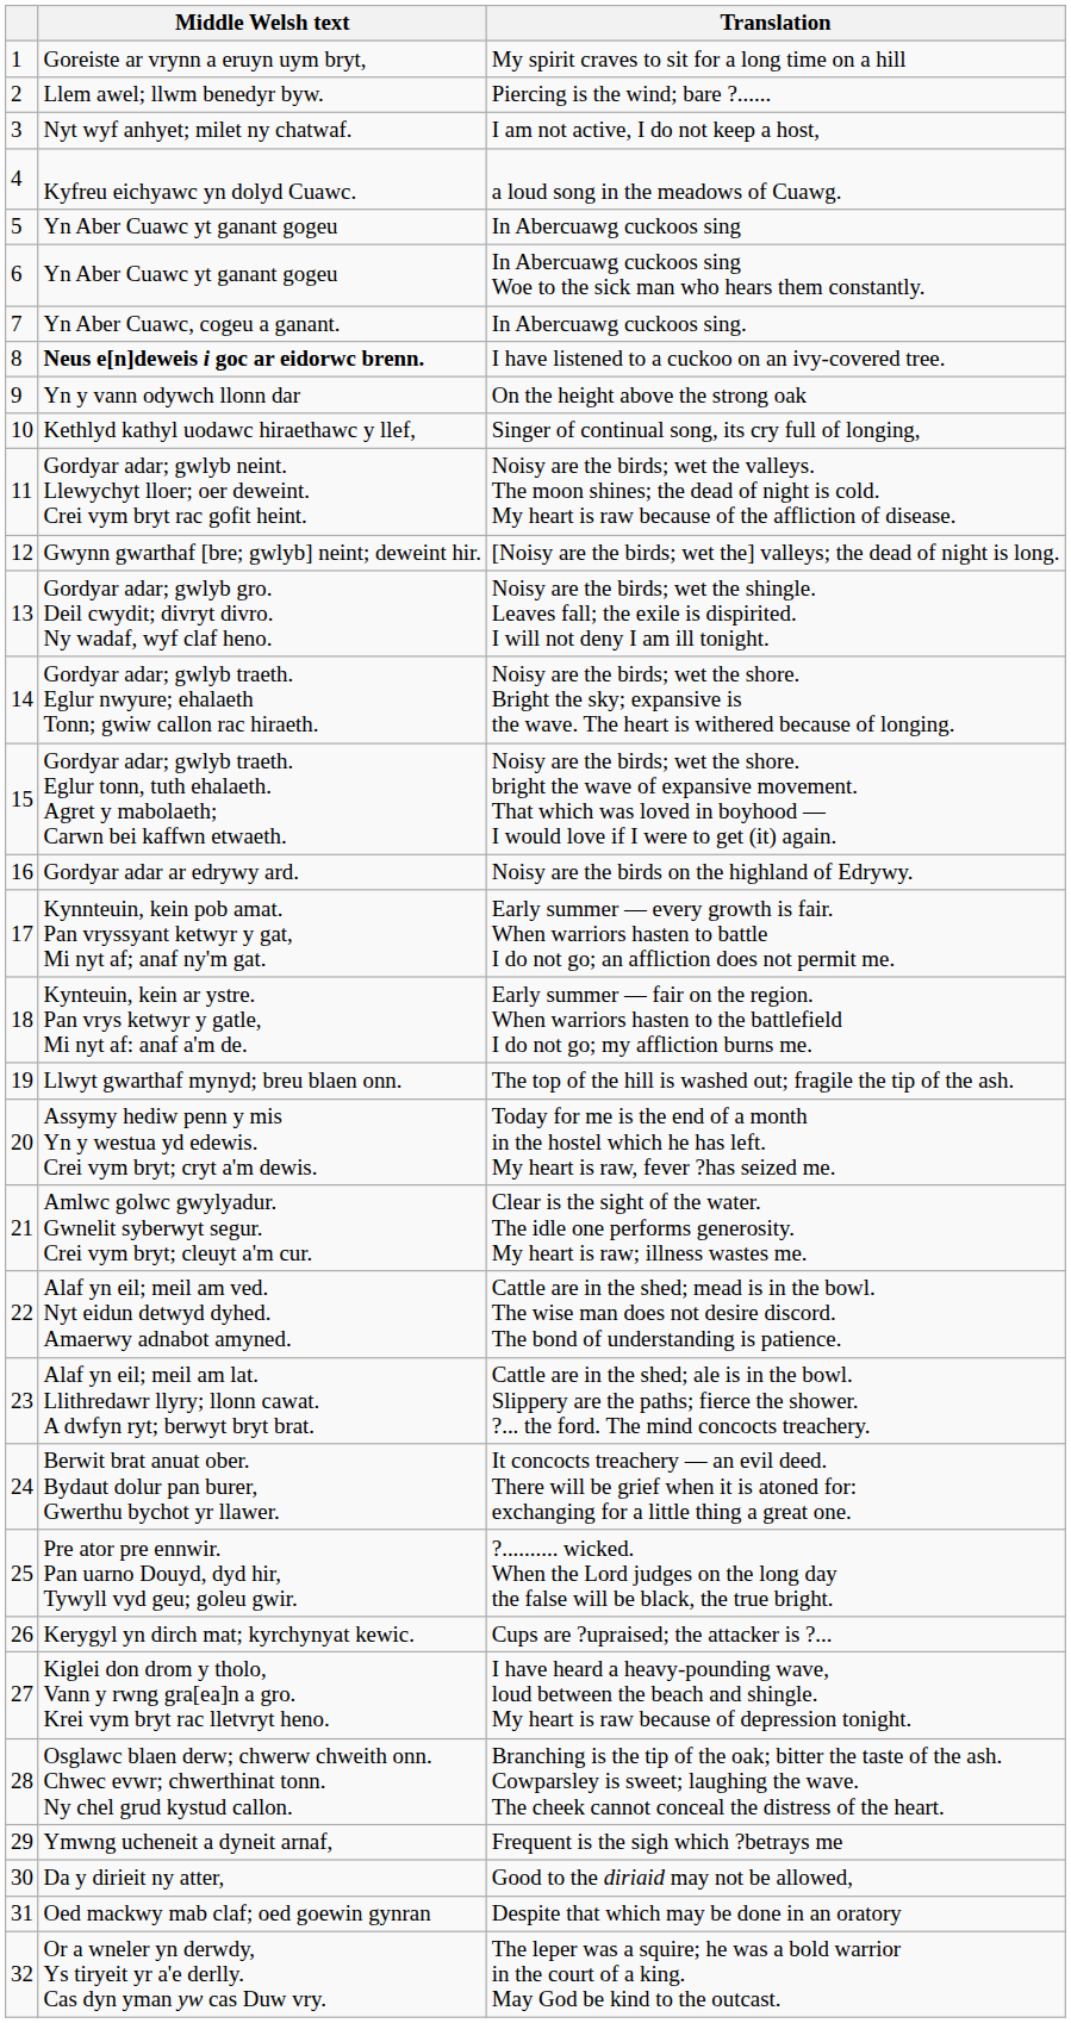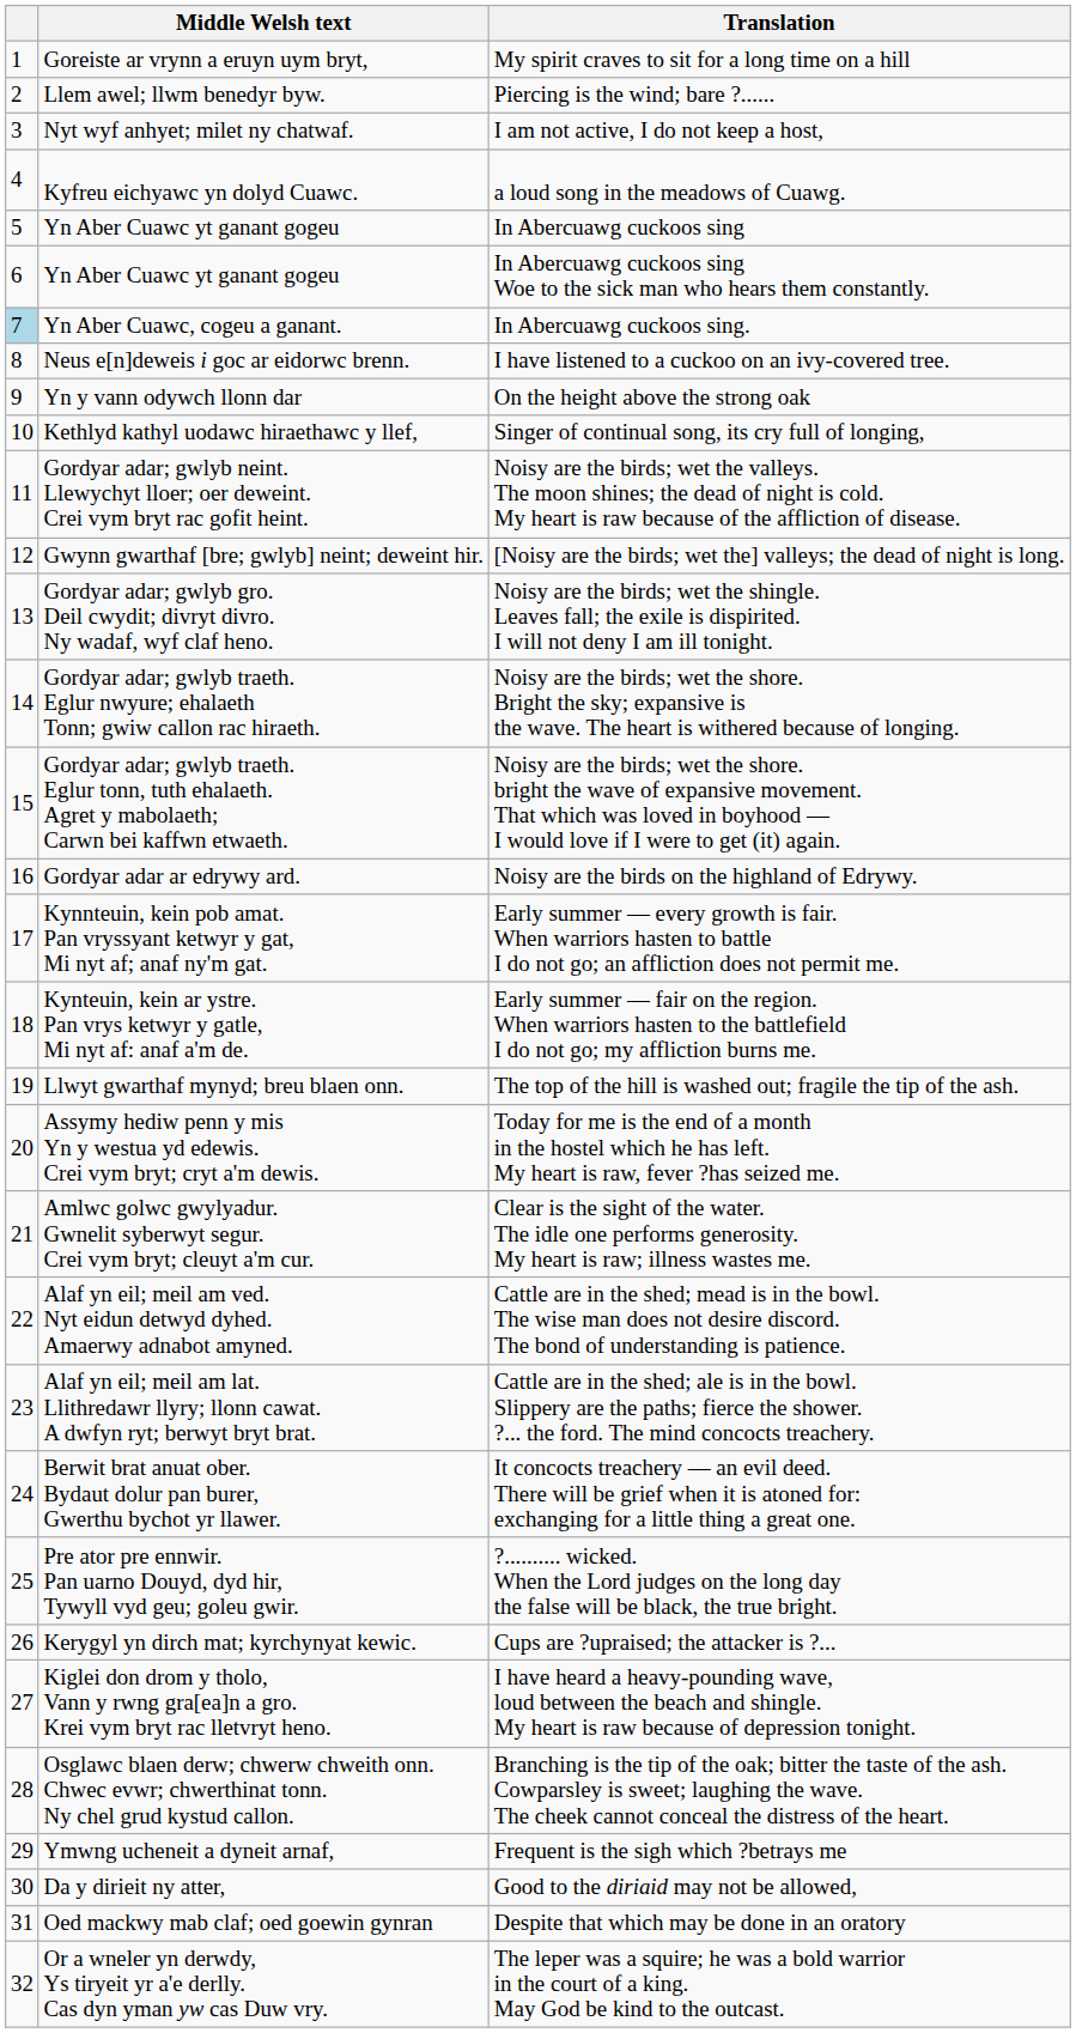 <table class="wikitable">
 <tr>
 <th></th>
 <th>Middle Welsh text</th>
 <th>Translation</th>
 </tr>
 <tr>
 <td>1</td>
 <td>Goreiste ar vrynn a eruyn uym bryt,<br></td>
 <td>My spirit craves to sit for a long time on a hill<br></td>
 </tr>
 <tr>
 <td>2</td>
 <td>Llem awel; llwm benedyr byw.<br></td>
 <td>Piercing is the wind; bare ?......<br></td>
 </tr>
 <tr>
 <td>3</td>
 <td>Nyt wyf anhyet; milet ny chatwaf.<br></td>
 <td>I am not active, I do not keep a host,<br></td>
 </tr>
 <tr>
 <td>4</td>
 <td><br>Kyfreu eichyawc yn dolyd Cuawc.</td>
 <td><br>a loud song in the meadows of Cuawg.</td>
 </tr>
 <tr>
 <td>5</td>
 <td>Yn Aber Cuawc yt ganant gogeu<br></td>
 <td>In Abercuawg cuckoos sing<br></td>
 </tr>
 <tr>
 <td>6</td>
 <td>Yn Aber Cuawc yt ganant gogeu<br></td>
 <td>In Abercuawg cuckoos sing<br>Woe to the sick man who hears them constantly.</td>
 </tr>
 <tr>
-<td>7</td>
+<td style="background: lightblue;">7</td>
 <td>Yn Aber Cuawc, cogeu a ganant.<br></td>
 <td>In Abercuawg cuckoos sing.<br></td>
 </tr>
 <tr>
 <td>8</td>
-<td><strong>Neus e[n]deweis <em>i</em> goc ar eidorwc brenn.<br></strong></td>
+<td>Neus e[n]deweis <em>i</em> goc ar eidorwc brenn.<br></td>
 <td>I have listened to a cuckoo on an ivy-covered tree.<br></td>
 </tr>
 <tr>
 <td>9</td>
 <td>Yn y vann odywch llonn dar<br></td>
 <td>On the height above the strong oak<br></td>
 </tr>
 <tr>
 <td>10</td>
 <td>Kethlyd kathyl uodawc hiraethawc y llef,<br></td>
 <td>Singer of continual song, its cry full of longing,<br></td>
 </tr>
 <tr>
 <td>11</td>
 <td>Gordyar adar; gwlyb neint.<br>Llewychyt lloer; oer deweint.<br>Crei vym bryt rac gofit heint.</td>
 <td>Noisy are the birds; wet the valleys.<br>The moon shines; the dead of night is cold.<br>My heart is raw because of the affliction of disease.</td>
 </tr>
 <tr>
 <td>12</td>
 <td>Gwynn gwarthaf [bre; gwlyb] neint; deweint hir.<br></td>
 <td>[Noisy are the birds; wet the] valleys; the dead of night is long.<br></td>
 </tr>
 <tr>
 <td>13</td>
 <td>Gordyar adar; gwlyb gro.<br>Deil cwydit; divryt divro.<br>Ny wadaf, wyf claf heno.</td>
 <td>Noisy are the birds; wet the shingle.<br>Leaves fall; the exile is dispirited.<br>I will not deny I am ill tonight.</td>
 </tr>
 <tr>
 <td>14</td>
 <td>Gordyar adar; gwlyb traeth.<br>Eglur nwyure; ehalaeth<br>Tonn; gwiw callon rac hiraeth.</td>
 <td>Noisy are the birds; wet the shore.<br>Bright the sky; expansive is<br>the wave. The heart is withered because of longing.</td>
 </tr>
 <tr>
 <td>15</td>
 <td>Gordyar adar; gwlyb traeth.<br>Eglur tonn, tuth ehalaeth.<br>Agret y mabolaeth;<br>Carwn bei kaffwn etwaeth.</td>
 <td>Noisy are the birds; wet the shore.<br>bright the wave of expansive movement.<br>That which was loved in boyhood —<br>I would love if I were to get (it) again.</td>
 </tr>
 <tr>
 <td>16</td>
 <td>Gordyar adar ar edrywy ard.<br></td>
 <td>Noisy are the birds on the highland of Edrywy.<br></td>
 </tr>
 <tr>
 <td>17</td>
 <td>Kynnteuin, kein pob amat.<br>Pan vryssyant ketwyr y gat,<br>Mi nyt af; anaf ny'm gat.</td>
 <td>Early summer — every growth is fair.<br>When warriors hasten to battle<br>I do not go; an affliction does not permit me.</td>
 </tr>
 <tr>
 <td>18</td>
 <td>Kynteuin, kein ar ystre.<br>Pan vrys ketwyr y gatle,<br>Mi nyt af: anaf a'm de.</td>
 <td>Early summer — fair on the region.<br>When warriors hasten to the battlefield<br>I do not go; my affliction burns me.</td>
 </tr>
 <tr>
 <td>19</td>
 <td>Llwyt gwarthaf mynyd; breu blaen onn.<br></td>
 <td>The top of the hill is washed out; fragile the tip of the ash.<br></td>
 </tr>
 <tr>
 <td>20</td>
 <td>Assymy hediw penn y mis<br>Yn y westua yd edewis.<br>Crei vym bryt; cryt a'm dewis.</td>
 <td>Today for me is the end of a month<br>in the hostel which he has left.<br>My heart is raw, fever ?has seized me.</td>
 </tr>
 <tr>
 <td>21</td>
 <td>Amlwc golwc gwylyadur.<br>Gwnelit syberwyt segur.<br>Crei vym bryt; cleuyt a'm cur.</td>
 <td>Clear is the sight of the water.<br>The idle one performs generosity.<br>My heart is raw; illness wastes me.</td>
 </tr>
 <tr>
 <td>22</td>
 <td>Alaf yn eil; meil am ved.<br>Nyt eidun detwyd dyhed.<br>Amaerwy adnabot amyned.</td>
 <td>Cattle are in the shed; mead is in the bowl.<br>The wise man does not desire discord.<br>The bond of understanding is patience.</td>
 </tr>
 <tr>
 <td>23</td>
 <td>Alaf yn eil; meil am lat.<br>Llithredawr llyry; llonn cawat.<br>A dwfyn ryt; berwyt bryt brat.</td>
 <td>Cattle are in the shed; ale is in the bowl.<br>Slippery are the paths; fierce the shower.<br>?... the ford. The mind concocts treachery.</td>
 </tr>
 <tr>
 <td>24</td>
 <td>Berwit brat anuat ober.<br>Bydaut dolur pan burer,<br>Gwerthu bychot yr llawer.</td>
 <td>It concocts treachery — an evil deed.<br>There will be grief when it is atoned for:<br>exchanging for a little thing a great one.</td>
 </tr>
 <tr>
 <td>25</td>
 <td>Pre ator pre ennwir.<br>Pan uarno Douyd, dyd hir,<br>Tywyll vyd geu; goleu gwir.</td>
 <td>?.......... wicked.<br>When the Lord judges on the long day<br>the false will be black, the true bright.</td>
 </tr>
 <tr>
 <td>26</td>
 <td>Kerygyl yn dirch mat; kyrchynyat kewic.<br></td>
 <td>Cups are ?upraised; the attacker is ?...<br></td>
 </tr>
 <tr>
 <td>27</td>
 <td>Kiglei don drom y tholo,<br>Vann y rwng gra[ea]n a gro.<br>Krei vym bryt rac lletvryt heno.</td>
 <td>I have heard a heavy-pounding wave,<br>loud between the beach and shingle.<br>My heart is raw because of depression tonight.</td>
 </tr>
 <tr>
 <td>28</td>
 <td>Osglawc blaen derw; chwerw chweith onn.<br>Chwec evwr; chwerthinat tonn.<br>Ny chel grud kystud callon.</td>
 <td>Branching is the tip of the oak; bitter the taste of the ash.<br>Cowparsley is sweet; laughing the wave.<br>The cheek cannot conceal the distress of the heart.</td>
 </tr>
 <tr>
 <td>29</td>
 <td>Ymwng ucheneit a dyneit arnaf,<br></td>
 <td>Frequent is the sigh which ?betrays me<br></td>
 </tr>
 <tr>
 <td>30</td>
 <td>Da y dirieit ny atter,<br></td>
 <td>Good to the <em>diriaid</em> may not be allowed,<br></td>
 </tr>
 <tr>
 <td>31</td>
 <td>Oed mackwy mab claf; oed goewin gynran<br></td>
 <td>Despite that which may be done in an oratory<br></td>
 </tr>
 <tr>
 <td>32</td>
 <td>Or a wneler yn derwdy,<br>Ys tiryeit yr a'e derlly.<br>Cas dyn yman <em>yw</em> cas Duw vry.</td>
 <td>The leper was a squire; he was a bold warrior<br>in the court of a king.<br>May God be kind to the outcast.</td>
 </tr>
 </table>
